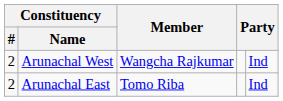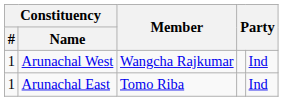 <table class="wikitable sortable">
 <tr>
 <th colspan="2">Constituency</th>
 <th rowspan="2">Member</th>
 <th colspan="2" rowspan="2">Party</th>
 </tr>
 <tr>
 <th>#</th>
 <th>Name</th>
 </tr>
 <tr>
-<td>2</td>
+<td>1</td>
 <td><a href='#'>Arunachal West</a></td>
 <td><a href='#'>Wangcha Rajkumar</a></td>
 <td style="background-color: "></td>
 <td><a href='#'>Ind</a></td>
 </tr>
 <tr>
-<td>2</td>
+<td>1</td>
 <td><a href='#'>Arunachal East</a></td>
 <td><a href='#'>Tomo Riba</a></td>
 <td style="background-color: "></td>
 <td><a href='#'>Ind</a></td>
 </tr>
 </table>
